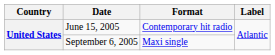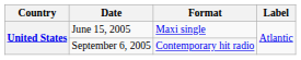 <table class="wikitable">
 <tr>
 <th scope="col">Country</th>
 <th scope="col">Date</th>
 <th scope="col">Format</th>
 <th scope="col">Label</th>
 </tr>
 <tr>
 <th scope="row" rowspan="2"><a href='#'>United States</a></th>
 <td>June 15, 2005</td>
-<td><a href='#'>Contemporary hit radio</a></td>
+<td><a href='#'>Maxi single</a></td>
 <td rowspan="2"><a href='#'>Atlantic</a></td>
 </tr>
 <tr>
 <td>September 6, 2005</td>
-<td><a href='#'>Maxi single</a></td>
+<td><a href='#'>Contemporary hit radio</a></td>
 </tr>
 </table>
